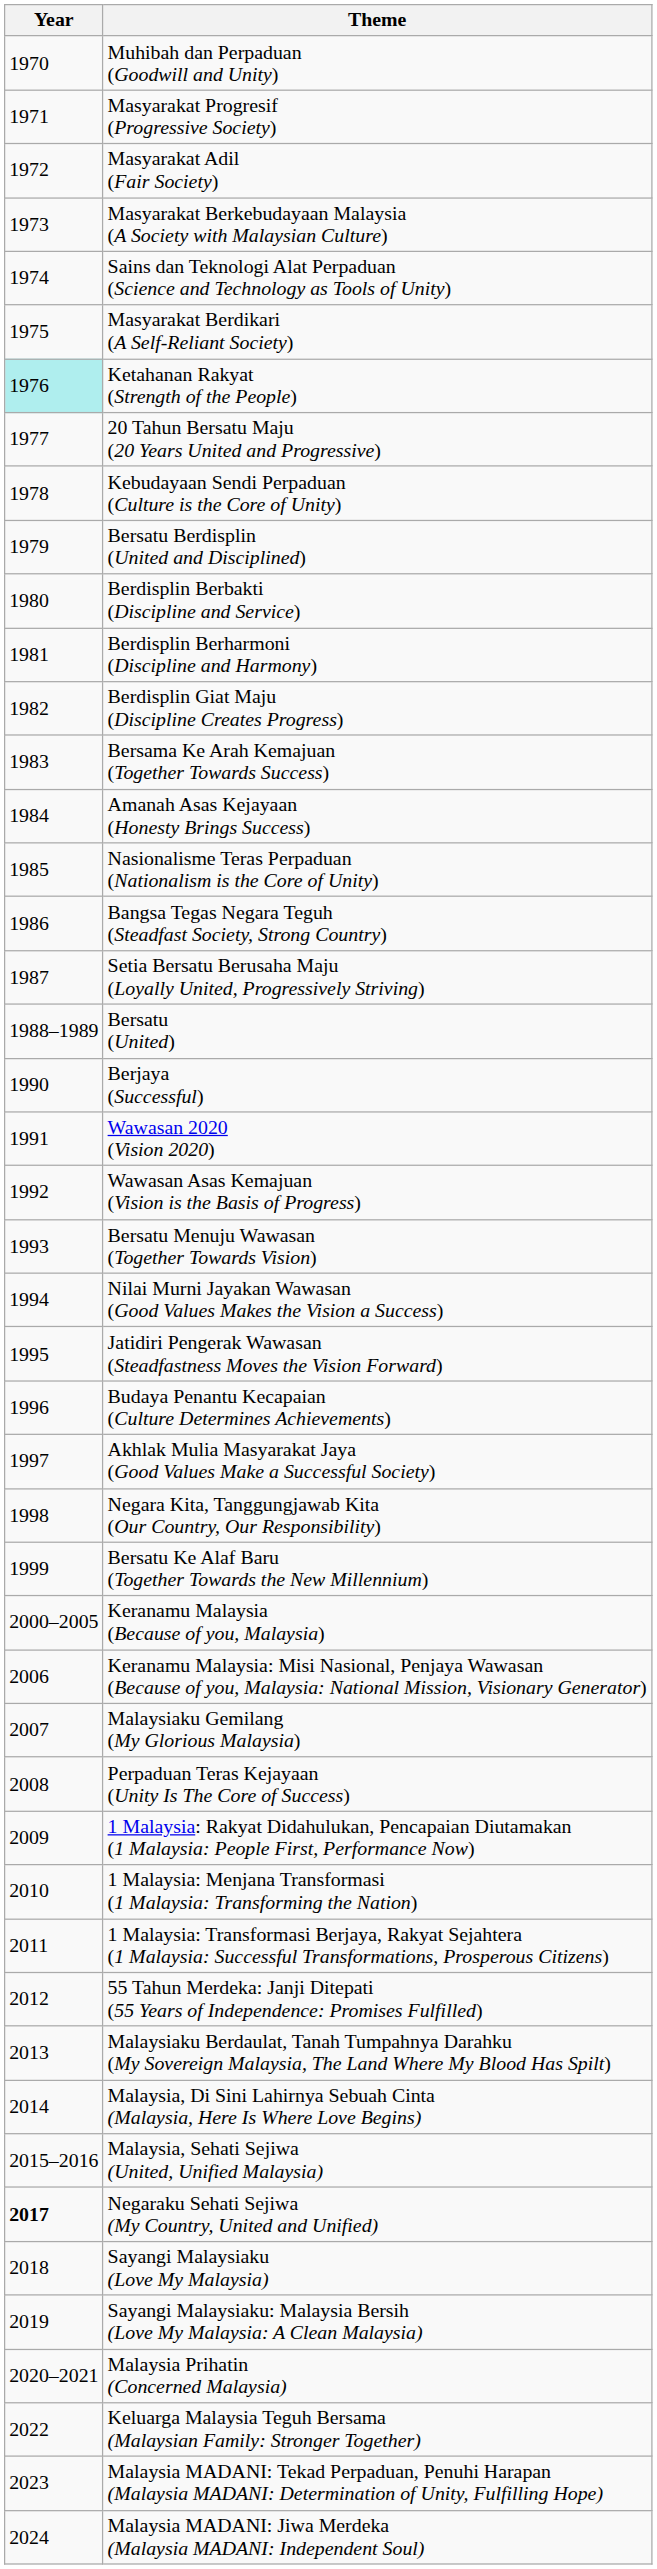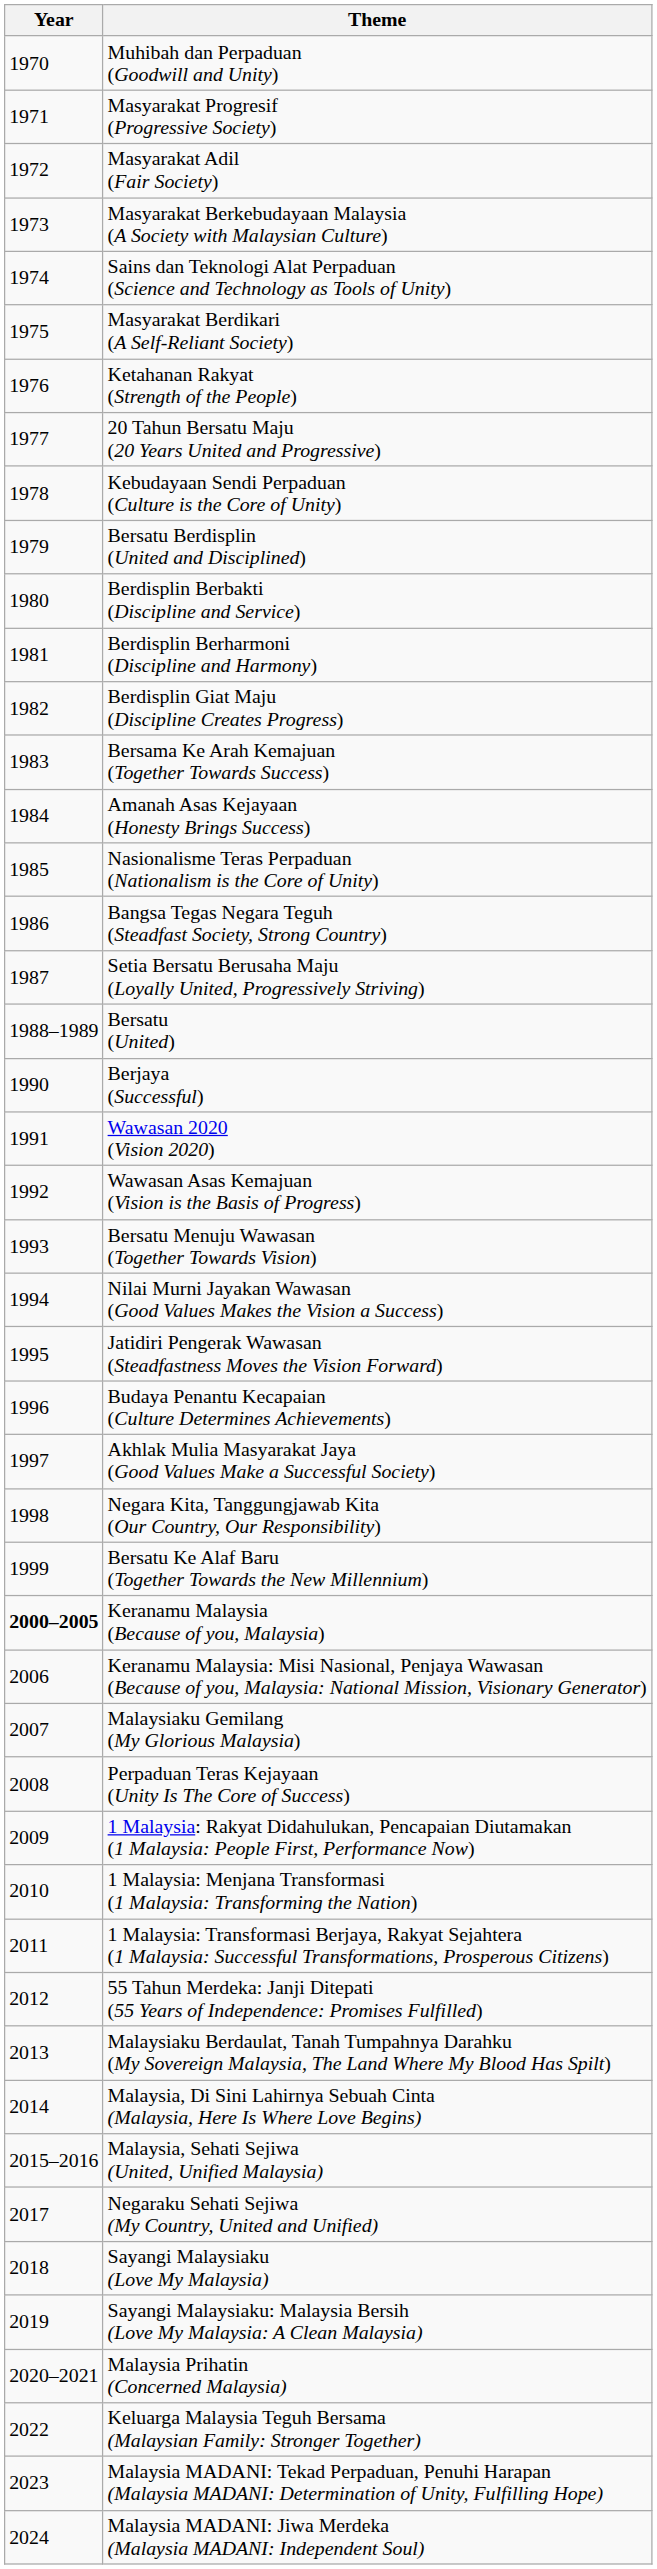 <table class="wikitable">
 <tr>
 <th>Year</th>
 <th>Theme</th>
 </tr>
 <tr>
 <td>1970</td>
 <td>Muhibah dan Perpaduan <br>(<em>Goodwill and Unity</em>)</td>
 </tr>
 <tr>
 <td>1971</td>
 <td>Masyarakat Progresif <br>(<em>Progressive Society</em>)</td>
 </tr>
 <tr>
 <td>1972</td>
 <td>Masyarakat Adil <br>(<em>Fair Society</em>)</td>
 </tr>
 <tr>
 <td>1973</td>
 <td>Masyarakat Berkebudayaan Malaysia <br>(<em>A Society with Malaysian Culture</em>)</td>
 </tr>
 <tr>
 <td>1974</td>
 <td>Sains dan Teknologi Alat Perpaduan <br>(<em>Science and Technology as Tools of Unity</em>)</td>
 </tr>
 <tr>
 <td>1975</td>
 <td>Masyarakat Berdikari <br>(<em>A Self-Reliant Society</em>)</td>
 </tr>
 <tr>
-<td style="background: paleturquoise;">1976</td>
+<td>1976</td>
 <td>Ketahanan Rakyat <br>(<em>Strength of the People</em>)</td>
 </tr>
 <tr>
 <td>1977</td>
 <td>20 Tahun Bersatu Maju <br>(<em>20 Years United and Progressive</em>)</td>
 </tr>
 <tr>
 <td>1978</td>
 <td>Kebudayaan Sendi Perpaduan <br>(<em>Culture is the Core of Unity</em>)</td>
 </tr>
 <tr>
 <td>1979</td>
 <td>Bersatu Berdisplin <br>(<em>United and Disciplined</em>)</td>
 </tr>
 <tr>
 <td>1980</td>
 <td>Berdisplin Berbakti <br>(<em>Discipline and Service</em>)</td>
 </tr>
 <tr>
 <td>1981</td>
 <td>Berdisplin Berharmoni <br>(<em>Discipline and Harmony</em>)</td>
 </tr>
 <tr>
 <td>1982</td>
 <td>Berdisplin Giat Maju <br>(<em>Discipline Creates Progress</em>)</td>
 </tr>
 <tr>
 <td>1983</td>
 <td>Bersama Ke Arah Kemajuan <br>(<em>Together Towards Success</em>)</td>
 </tr>
 <tr>
 <td>1984</td>
 <td>Amanah Asas Kejayaan <br>(<em>Honesty Brings Success</em>)</td>
 </tr>
 <tr>
 <td>1985</td>
 <td>Nasionalisme Teras Perpaduan <br>(<em>Nationalism is the Core of Unity</em>)</td>
 </tr>
 <tr>
 <td>1986</td>
 <td>Bangsa Tegas Negara Teguh <br>(<em>Steadfast Society, Strong Country</em>)</td>
 </tr>
 <tr>
 <td>1987</td>
 <td>Setia Bersatu Berusaha Maju <br>(<em>Loyally United, Progressively Striving</em>)</td>
 </tr>
 <tr>
 <td>1988–1989</td>
 <td>Bersatu <br>(<em>United</em>)</td>
 </tr>
 <tr>
 <td>1990</td>
 <td>Berjaya <br>(<em>Successful</em>)</td>
 </tr>
 <tr>
 <td>1991</td>
 <td><a href='#'>Wawasan 2020</a><br>(<em>Vision 2020</em>)</td>
 </tr>
 <tr>
 <td>1992</td>
 <td>Wawasan Asas Kemajuan <br>(<em>Vision is the Basis of Progress</em>)</td>
 </tr>
 <tr>
 <td>1993</td>
 <td>Bersatu Menuju Wawasan <br>(<em>Together Towards Vision</em>)</td>
 </tr>
 <tr>
 <td>1994</td>
 <td>Nilai Murni Jayakan Wawasan <br>(<em>Good Values Makes the Vision a Success</em>)</td>
 </tr>
 <tr>
 <td>1995</td>
 <td>Jatidiri Pengerak Wawasan <br>(<em>Steadfastness Moves the Vision Forward</em>)</td>
 </tr>
 <tr>
 <td>1996</td>
 <td>Budaya Penantu Kecapaian <br>(<em>Culture Determines Achievements</em>)</td>
 </tr>
 <tr>
 <td>1997</td>
 <td>Akhlak Mulia Masyarakat Jaya <br>(<em>Good Values Make a Successful Society</em>)</td>
 </tr>
 <tr>
 <td>1998</td>
 <td>Negara Kita, Tanggungjawab Kita <br>(<em>Our Country, Our Responsibility</em>)</td>
 </tr>
 <tr>
 <td>1999</td>
 <td>Bersatu Ke Alaf Baru <br>(<em>Together Towards the New Millennium</em>)</td>
 </tr>
 <tr>
-<td>2000–2005</td>
+<td><strong>2000–2005</strong></td>
 <td>Keranamu Malaysia <br>(<em>Because of you, Malaysia</em>)</td>
 </tr>
 <tr>
 <td>2006</td>
 <td>Keranamu Malaysia: Misi Nasional, Penjaya Wawasan <br>(<em>Because of you, Malaysia: National Mission, Visionary Generator</em>)</td>
 </tr>
 <tr>
 <td>2007</td>
 <td>Malaysiaku Gemilang <br>(<em>My Glorious Malaysia</em>)</td>
 </tr>
 <tr>
 <td>2008</td>
 <td>Perpaduan Teras Kejayaan <br>(<em>Unity Is The Core of Success</em>)</td>
 </tr>
 <tr>
 <td>2009</td>
 <td><a href='#'>1 Malaysia</a>: Rakyat Didahulukan, Pencapaian Diutamakan <br>(<em>1 Malaysia: People First, Performance Now</em>)</td>
 </tr>
 <tr>
 <td>2010</td>
 <td>1 Malaysia: Menjana Transformasi <br>(<em>1 Malaysia: Transforming the Nation</em>)</td>
 </tr>
 <tr>
 <td>2011</td>
 <td>1 Malaysia: Transformasi Berjaya, Rakyat Sejahtera <br>(<em>1 Malaysia: Successful Transformations, Prosperous Citizens</em>)</td>
 </tr>
 <tr>
 <td>2012</td>
 <td>55 Tahun Merdeka: Janji Ditepati <br>(<em>55 Years of Independence: Promises Fulfilled</em>)</td>
 </tr>
 <tr>
 <td>2013</td>
 <td>Malaysiaku Berdaulat, Tanah Tumpahnya Darahku <br>(<em>My Sovereign Malaysia, The Land Where My Blood Has Spilt</em>)</td>
 </tr>
 <tr>
 <td>2014</td>
 <td>Malaysia, Di Sini Lahirnya Sebuah Cinta <br><em>(Malaysia, Here Is Where Love Begins)</em></td>
 </tr>
 <tr>
 <td>2015–2016</td>
 <td>Malaysia, Sehati Sejiwa<br><em>(United, Unified Malaysia)</em></td>
 </tr>
 <tr>
-<td><strong>2017</strong></td>
+<td>2017</td>
 <td>Negaraku Sehati Sejiwa<br><em>(My Country, United and Unified)</em></td>
 </tr>
 <tr>
 <td>2018</td>
 <td>Sayangi Malaysiaku<br><em>(Love My Malaysia)</em></td>
 </tr>
 <tr>
 <td>2019</td>
 <td>Sayangi Malaysiaku: Malaysia Bersih<br><em>(Love My Malaysia: A Clean Malaysia)</em></td>
 </tr>
 <tr>
 <td>2020–2021</td>
 <td>Malaysia Prihatin<br><em>(Concerned Malaysia)</em></td>
 </tr>
 <tr>
 <td>2022</td>
 <td>Keluarga Malaysia Teguh Bersama<br><em>(Malaysian Family: Stronger Together)</em></td>
 </tr>
 <tr>
 <td>2023</td>
 <td>Malaysia MADANI: Tekad Perpaduan, Penuhi Harapan<br><em>(Malaysia MADANI: Determination of Unity, Fulfilling Hope)</em></td>
 </tr>
 <tr>
 <td>2024</td>
 <td>Malaysia MADANI: Jiwa Merdeka<br><em>(Malaysia MADANI: Independent Soul)</em></td>
 </tr>
 </table>
